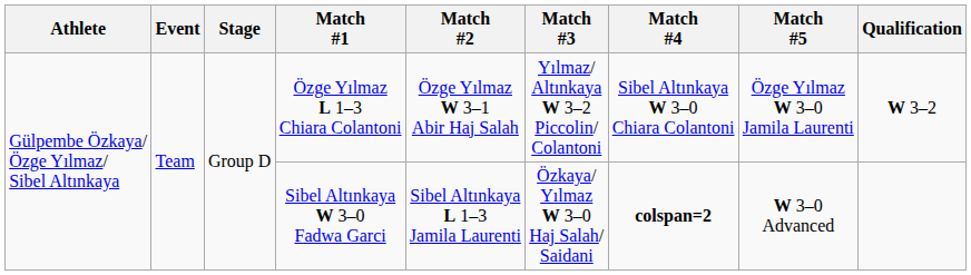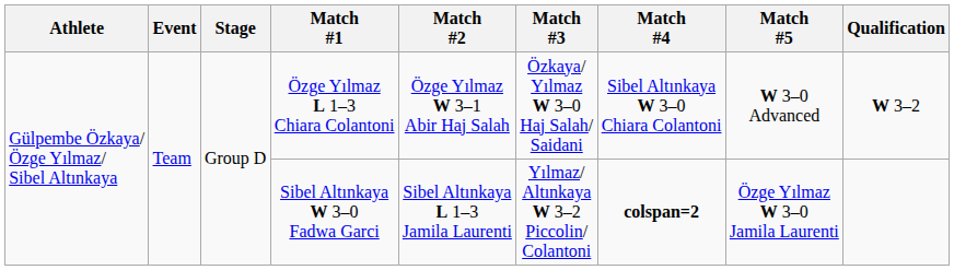 <table class=wikitable>
 <tr>
 <th>Athlete</th>
 <th>Event</th>
 <th>Stage</th>
 <th>Match<br>#1</th>
 <th>Match<br>#2</th>
 <th>Match<br>#3</th>
 <th>Match<br>#4</th>
 <th>Match<br>#5</th>
 <th>Qualification</th>
 </tr>
 <tr align=center>
 <td align=left rowspan=2><a href='#'>Gülpembe Özkaya</a>/<br><a href='#'>Özge Yılmaz</a>/<br><a href='#'>Sibel Altınkaya</a></td>
 <td align=left rowspan=2><a href='#'>Team</a></td>
 <td rowspan=2>Group D</td>
 <td><a href='#'>Özge Yılmaz</a><br><strong>L</strong> 1–3<br> <a href='#'>Chiara Colantoni</a></td>
 <td><a href='#'>Özge Yılmaz</a><br><strong>W</strong> 3–1<br> <a href='#'>Abir Haj Salah</a></td>
-<td><a href='#'>Yılmaz</a>/<br><a href='#'>Altınkaya</a><br><strong>W</strong> 3–2<br> <a href='#'>Piccolin</a>/<br><a href='#'>Colantoni</a></td>
+<td><a href='#'>Özkaya</a>/<br><a href='#'>Yılmaz</a><br><strong>W</strong> 3–0<br> <a href='#'>Haj Salah</a>/<br><a href='#'>Saidani</a></td>
 <td><a href='#'>Sibel Altınkaya</a><br><strong>W</strong> 3–0<br> <a href='#'>Chiara Colantoni</a></td>
-<td><a href='#'>Özge Yılmaz</a><br><strong>W</strong> 3–0<br> <a href='#'>Jamila Laurenti</a></td>
+<td><strong>W</strong> 3–0<br>Advanced</td>
 <td><strong>W</strong> 3–2</td>
 </tr>
 <tr align=center>
 <td><a href='#'>Sibel Altınkaya</a><br><strong>W</strong> 3–0<br> <a href='#'>Fadwa Garci</a></td>
 <td><a href='#'>Sibel Altınkaya</a><br><strong>L</strong> 1–3<br> <a href='#'>Jamila Laurenti</a></td>
-<td><a href='#'>Özkaya</a>/<br><a href='#'>Yılmaz</a><br><strong>W</strong> 3–0<br> <a href='#'>Haj Salah</a>/<br><a href='#'>Saidani</a></td>
+<td><a href='#'>Yılmaz</a>/<br><a href='#'>Altınkaya</a><br><strong>W</strong> 3–2<br> <a href='#'>Piccolin</a>/<br><a href='#'>Colantoni</a></td>
 <td><strong>colspan=2 </strong></td>
-<td><strong>W</strong> 3–0<br>Advanced</td>
+<td><a href='#'>Özge Yılmaz</a><br><strong>W</strong> 3–0<br> <a href='#'>Jamila Laurenti</a></td>
 </tr>
 </table>
